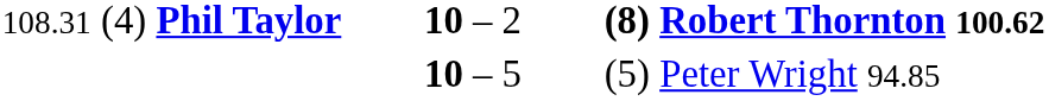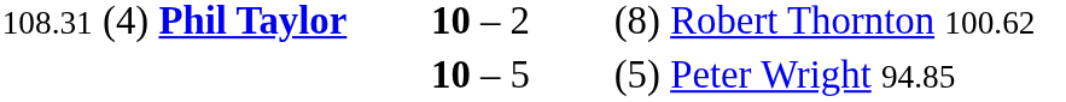 <table style="text-align:center">
 <tr>
 <th width=223></th>
 <th width=100></th>
 <th width=223></th>
 </tr>
 <tr>
 <td align=right><small><span>108.31</span></small> (4) <strong><a href='#'>Phil Taylor</a></strong> </td>
 <td><strong>10</strong> – 2</td>
-<td align=left><strong>(8)  <a href='#'>Robert Thornton</a> <small><span>100.62</span></small></strong></td>
+<td align=left>(8)  <a href='#'>Robert Thornton</a> <small><span>100.62</span></small></td>
 </tr>
 <tr>
 <td align=right></td>
 <td><strong>10</strong> – 5</td>
 <td align=left>(5)  <a href='#'>Peter Wright</a> <small><span>94.85</span></small></td>
 </tr>
 </table>
